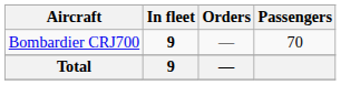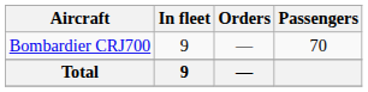 <table class="wikitable">
 <tr>
 </tr>
 <tr>
 <th>Aircraft</th>
 <th>In fleet</th>
 <th>Orders</th>
 <th>Passengers</th>
 </tr>
 <tr>
 <td><a href='#'>Bombardier CRJ700</a></td>
-<td align=center><strong>9</strong></td>
+<td align=center>9</td>
 <td align=center>—</td>
 <td align=center>70</td>
 </tr>
 <tr>
 </tr>
 <tr>
 <th>Total</th>
 <th>9</th>
 <th>—</th>
 <th></th>
 </tr>
 <tr>
 </tr>
 </table>
